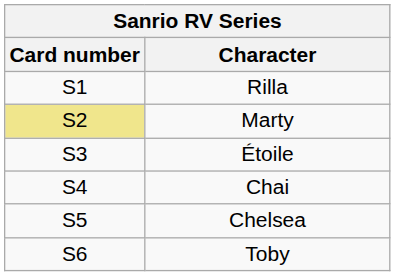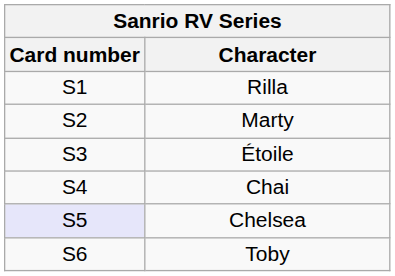 <table class="wikitable collapsible collapsed sortable" style="text-align:center;">
 <tr>
 <th colspan="2">Sanrio RV Series</th>
 </tr>
 <tr>
 <th>Card number</th>
 <th style="width:180px">Character</th>
 </tr>
 <tr>
 <td>S1</td>
 <td>Rilla</td>
 </tr>
 <tr>
-<td style="background: khaki;">S2</td>
+<td>S2</td>
 <td>Marty</td>
 </tr>
 <tr>
 <td>S3</td>
 <td>Étoile</td>
 </tr>
 <tr>
 <td>S4</td>
 <td>Chai</td>
 </tr>
 <tr>
-<td>S5</td>
+<td style="background: lavender;">S5</td>
 <td>Chelsea</td>
 </tr>
 <tr>
 <td>S6</td>
 <td>Toby</td>
 </tr>
 </table>
